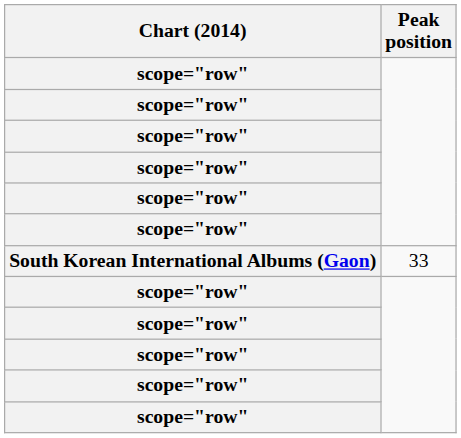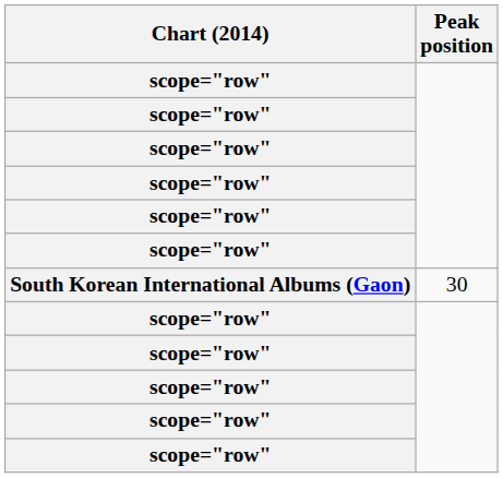 <table class="wikitable sortable plainrowheaders" style="text-align:center">
 <tr>
 <th scope="col">Chart (2014)</th>
 <th scope="col">Peak<br>position</th>
 </tr>
 <tr>
 <th>scope="row"</th>
 </tr>
 <tr>
 <th>scope="row"</th>
 </tr>
 <tr>
 <th>scope="row"</th>
 </tr>
 <tr>
 <th>scope="row"</th>
 </tr>
 <tr>
 <th>scope="row"</th>
 </tr>
 <tr>
 <th>scope="row"</th>
 </tr>
 <tr>
 <th scope="row">South Korean International Albums (<a href='#'>Gaon</a>)</th>
-<td>33</td>
+<td>30</td>
 </tr>
 <tr>
 <th>scope="row"</th>
 </tr>
 <tr>
 <th>scope="row"</th>
 </tr>
 <tr>
 <th>scope="row" </th>
 </tr>
 <tr>
 <th>scope="row" </th>
 </tr>
 <tr>
 <th>scope="row" </th>
 </tr>
 </table>
